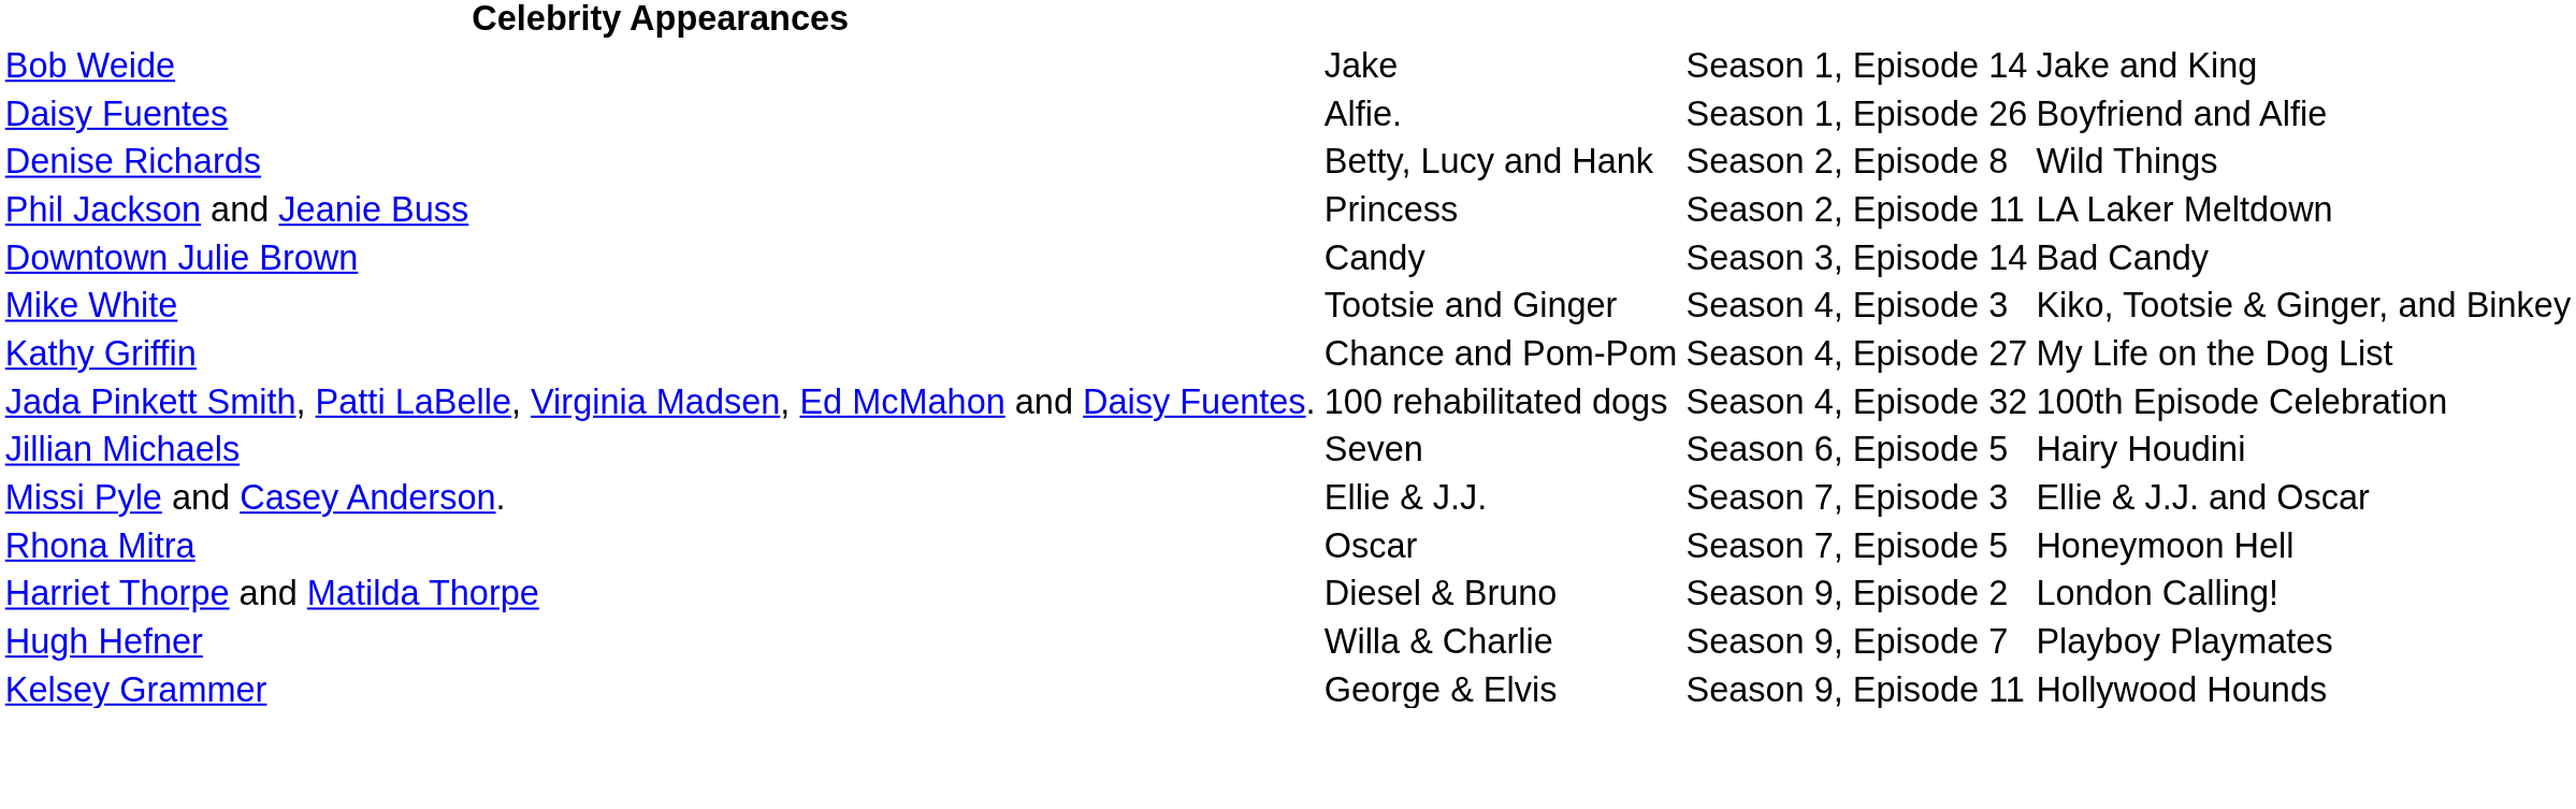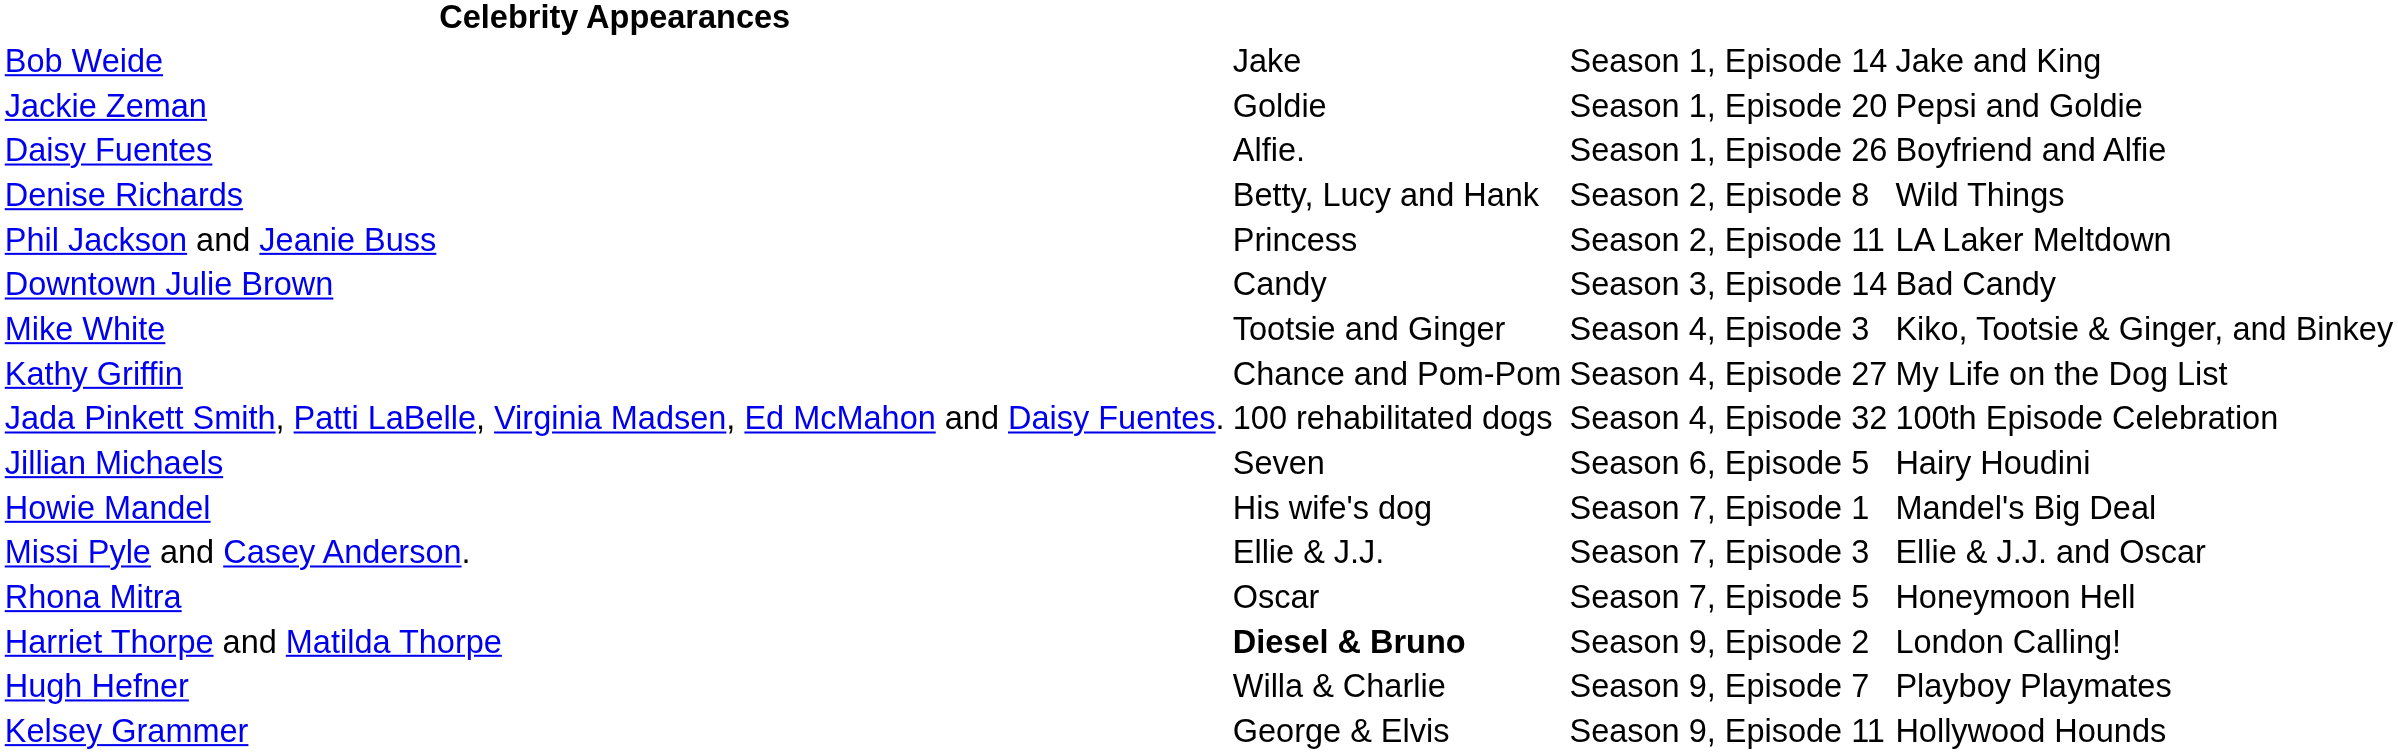 <table style="margin:auto; valign=top border:2px solid black; width:80% margin:0 0 0.5em 1em;" class="collapsible collapsed">
 <tr>
 <th style="font-size:120% text-align:center">Celebrity Appearances</th>
 </tr>
 <tr>
 <td><a href='#'>Bob Weide</a></td>
 <td>Jake</td>
 <td>Season 1, Episode 14</td>
 <td>Jake and King</td>
+</tr>
+<tr>
+<td><a href='#'>Jackie Zeman</a></td>
+<td>Goldie</td>
+<td>Season 1, Episode 20</td>
+<td>Pepsi and Goldie</td>
 </tr>
 <tr>
 <td><a href='#'>Daisy Fuentes</a></td>
 <td>Alfie.</td>
 <td>Season 1, Episode 26</td>
 <td>Boyfriend and Alfie</td>
 </tr>
 <tr>
 <td><a href='#'>Denise Richards</a></td>
 <td>Betty, Lucy and Hank</td>
 <td>Season 2, Episode 8</td>
 <td>Wild Things</td>
 </tr>
 <tr>
 <td><a href='#'>Phil Jackson</a> and <a href='#'>Jeanie Buss</a></td>
 <td>Princess</td>
 <td>Season 2, Episode 11</td>
 <td>LA Laker Meltdown</td>
 </tr>
 <tr>
 <td><a href='#'>Downtown Julie Brown</a></td>
 <td>Candy</td>
 <td>Season 3, Episode 14</td>
 <td>Bad Candy</td>
 </tr>
 <tr>
 <td><a href='#'>Mike White</a></td>
 <td>Tootsie and Ginger</td>
 <td>Season 4, Episode 3</td>
 <td>Kiko, Tootsie & Ginger, and Binkey</td>
 </tr>
 <tr>
 <td><a href='#'>Kathy Griffin</a></td>
 <td>Chance and Pom-Pom</td>
 <td>Season 4, Episode 27</td>
 <td>My Life on the Dog List</td>
 </tr>
 <tr>
 <td><a href='#'>Jada Pinkett Smith</a>, <a href='#'>Patti LaBelle</a>, <a href='#'>Virginia Madsen</a>, <a href='#'>Ed McMahon</a> and <a href='#'>Daisy Fuentes</a>.</td>
 <td>100 rehabilitated dogs</td>
 <td>Season 4, Episode 32</td>
 <td>100th Episode Celebration</td>
 </tr>
 <tr>
 <td><a href='#'>Jillian Michaels</a></td>
 <td>Seven</td>
 <td>Season 6, Episode 5</td>
 <td>Hairy Houdini</td>
 </tr>
 <tr>
+<td><a href='#'>Howie Mandel</a></td>
+<td>His wife's dog</td>
+<td>Season 7, Episode 1</td>
+<td>Mandel's Big Deal</td>
+</tr>
+<tr>
 <td><a href='#'>Missi Pyle</a> and <a href='#'>Casey Anderson</a>.</td>
 <td>Ellie & J.J.</td>
 <td>Season 7, Episode 3</td>
 <td>Ellie & J.J. and Oscar</td>
 </tr>
 <tr>
 <td><a href='#'>Rhona Mitra</a></td>
 <td>Oscar</td>
 <td>Season 7, Episode 5</td>
 <td>Honeymoon Hell</td>
 </tr>
 <tr>
 <td><a href='#'>Harriet Thorpe</a> and <a href='#'>Matilda Thorpe</a></td>
-<td>Diesel & Bruno</td>
+<td><strong>Diesel & Bruno</strong></td>
 <td>Season 9, Episode 2</td>
 <td>London Calling!</td>
 </tr>
 <tr>
 <td><a href='#'>Hugh Hefner</a></td>
 <td>Willa & Charlie</td>
 <td>Season 9, Episode 7</td>
 <td>Playboy Playmates</td>
 </tr>
 <tr>
 <td><a href='#'>Kelsey Grammer</a></td>
 <td>George & Elvis</td>
 <td>Season 9, Episode 11</td>
 <td>Hollywood Hounds</td>
 </tr>
 </table>
